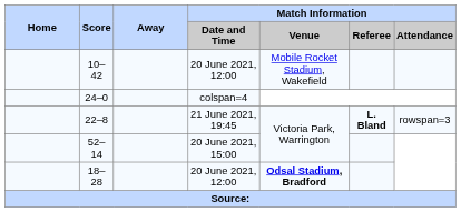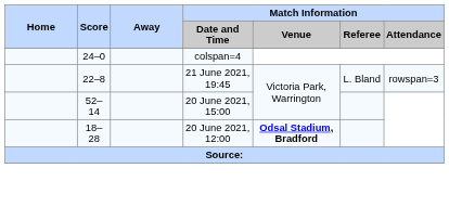 <table border=1 style="border-collapse:collapse; font-size:90%; text-align:center;" cellpadding=3 cellspacing=0 width=100%>
 <tr style="background:#C1D8ff;">
 <th scope="col" rowspan=2 width=19%>Home</th>
 <th scope="col" rowspan=2 width=6%>Score</th>
 <th scope="col" rowspan=2 width=19%>Away</th>
 <th colspan=4>Match Information</th>
 </tr>
 <tr style="background:#CCCCCC;">
 <th scope="col" width=17%>Date and Time</th>
 <th scope="col" width=22%>Venue</th>
 <th scope="col" width=10%>Referee</th>
 <th scope="col" width=7%>Attendance</th>
 </tr>
 <tr style="background:#F5FAFF;">
 <td></td>
-<td>10–42</td>
-<td></td>
-<td>20 June 2021, 12:00</td>
-<td><a href='#'>Mobile Rocket Stadium</a>, Wakefield</td>
-<td></td>
-<td></td>
-</tr>
-<tr style="background:#F5FAFF;">
-<td></td>
 <td>24–0</td>
 <td></td>
 <td>colspan=4</td>
 </tr>
 <tr style="background:#F5FAFF;">
 <td></td>
 <td>22–8</td>
 <td></td>
 <td>21 June 2021, 19:45</td>
 <td rowspan=2>Victoria Park, Warrington</td>
-<td><strong>L. Bland</strong></td>
+<td>L. Bland</td>
 <td>rowspan=3</td>
 </tr>
 <tr style="background:#F5FAFF;">
 <td></td>
 <td>52–14</td>
 <td></td>
 <td>20 June 2021, 15:00</td>
 <td></td>
 </tr>
 <tr style="background:#F5FAFF;">
 <td></td>
 <td>18–28</td>
 <td></td>
 <td>20 June 2021, 12:00</td>
 <td><strong><a href='#'>Odsal Stadium</a>, Bradford</strong></td>
 <td></td>
 </tr>
 <tr style="background:#c1d8ff;">
 <th colspan=7>Source:</th>
 </tr>
 </table>
